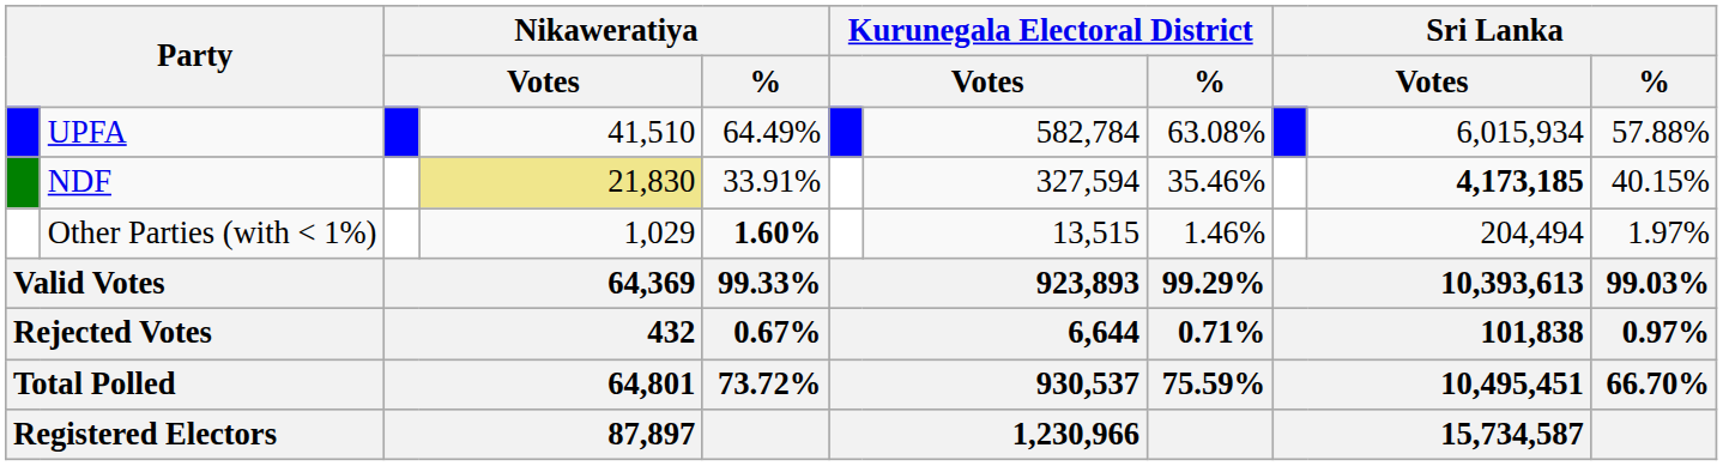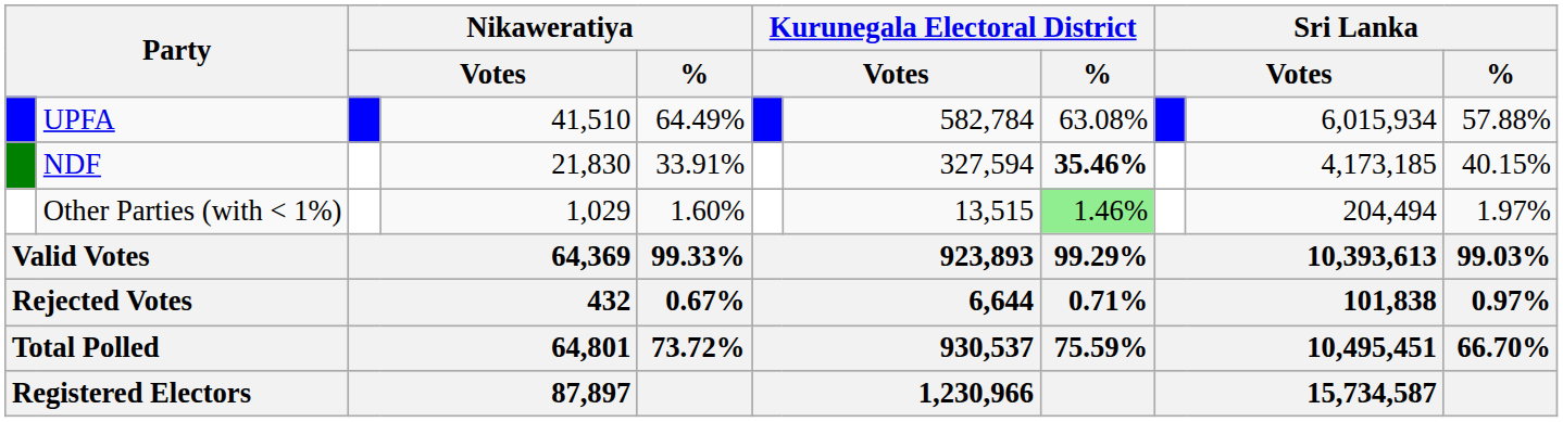 <table class="wikitable">
 <tr>
 <th colspan="2" width="144px"rowspan="2">Party</th>
 <th colspan="3" width="216px">Nikaweratiya</th>
 <th colspan="3" width="216px"><a href='#'>Kurunegala Electoral District</a></th>
 <th colspan="3" width="216px">Sri Lanka</th>
 </tr>
 <tr>
 <th colspan="2" width="144px">Votes</th>
 <th>%</th>
 <th colspan="2" width="144px">Votes</th>
 <th>%</th>
 <th colspan="2" width="144px">Votes</th>
 <th>%</th>
 </tr>
 <tr>
 <td style="background-color:blue;" width="10px"></td>
 <td style="text-align:left;"><a href='#'>UPFA</a></td>
 <td style="background-color:blue;" width="10px"></td>
 <td style="text-align:right;">41,510</td>
 <td style="text-align:right;">64.49%</td>
 <td style="background-color:blue;" width="10px"></td>
 <td style="text-align:right;">582,784</td>
 <td style="text-align:right;">63.08%</td>
 <td style="background-color:blue;" width="10px"></td>
 <td style="text-align:right;">6,015,934</td>
 <td style="text-align:right;">57.88%</td>
 </tr>
 <tr>
 <td style="background-color:green;" width="10px"></td>
 <td style="text-align:left;"><a href='#'>NDF</a></td>
 <td style="background-color:white;" width="10px"></td>
-<td style="background: khaki; text-align:right;">21,830</td>
+<td style="text-align:right;">21,830</td>
 <td style="text-align:right;">33.91%</td>
 <td style="background-color:white;" width="10px"></td>
 <td style="text-align:right;">327,594</td>
-<td style="text-align:right;">35.46%</td>
+<td style="text-align:right;"><strong>35.46%</strong></td>
 <td style="background-color:white;" width="10px"></td>
-<td style="text-align:right;"><strong>4,173,185</strong></td>
+<td style="text-align:right;">4,173,185</td>
 <td style="text-align:right;">40.15%</td>
 </tr>
 <tr>
 <td style="background-color:white;" width="10px"></td>
 <td style="text-align:left;">Other Parties (with < 1%)</td>
 <td style="background-color:white;" width="10px"></td>
 <td style="text-align:right;">1,029</td>
-<td style="text-align:right;"><strong>1.60%</strong></td>
+<td style="text-align:right;">1.60%</td>
 <td style="background-color:white;" width="10px"></td>
 <td style="text-align:right;">13,515</td>
-<td style="text-align:right;">1.46%</td>
+<td style="background: lightgreen; text-align:right;">1.46%</td>
 <td style="background-color:white;" width="10px"></td>
 <td style="text-align:right;">204,494</td>
 <td style="text-align:right;">1.97%</td>
 </tr>
 <tr>
 <th colspan="2" width="144px"style="text-align:left;">Valid Votes</th>
 <th style="text-align:right;"colspan="2" width="144px">64,369</th>
 <th style="text-align:right;">99.33%</th>
 <th style="text-align:right;"colspan="2" width="144px">923,893</th>
 <th style="text-align:right;">99.29%</th>
 <th style="text-align:right;"colspan="2" width="144px">10,393,613</th>
 <th style="text-align:right;">99.03%</th>
 </tr>
 <tr>
 <th colspan="2" width="144px"style="text-align:left;">Rejected Votes</th>
 <th style="text-align:right;"colspan="2" width="144px">432</th>
 <th style="text-align:right;">0.67%</th>
 <th style="text-align:right;"colspan="2" width="144px">6,644</th>
 <th style="text-align:right;">0.71%</th>
 <th style="text-align:right;"colspan="2" width="144px">101,838</th>
 <th style="text-align:right;">0.97%</th>
 </tr>
 <tr>
 <th colspan="2" width="144px"style="text-align:left;">Total Polled</th>
 <th style="text-align:right;"colspan="2" width="144px">64,801</th>
 <th style="text-align:right;">73.72%</th>
 <th style="text-align:right;"colspan="2" width="144px">930,537</th>
 <th style="text-align:right;">75.59%</th>
 <th style="text-align:right;"colspan="2" width="144px">10,495,451</th>
 <th style="text-align:right;">66.70%</th>
 </tr>
 <tr>
 <th colspan="2" width="144px"style="text-align:left;">Registered Electors</th>
 <th style="text-align:right;"colspan="2" width="144px">87,897</th>
 <th></th>
 <th style="text-align:right;"colspan="2" width="144px">1,230,966</th>
 <th></th>
 <th style="text-align:right;"colspan="2" width="144px">15,734,587</th>
 <th></th>
 </tr>
 </table>
